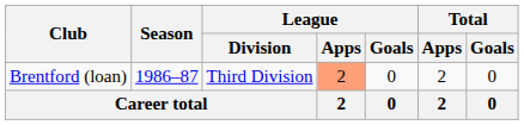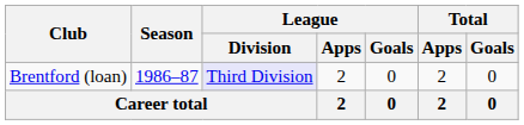 <table class="wikitable" style="text-align: center;">
 <tr>
 <th rowspan="2">Club</th>
 <th rowspan="2">Season</th>
 <th colspan="3">League</th>
 <th colspan="2">Total</th>
 </tr>
 <tr>
 <th>Division</th>
 <th>Apps</th>
 <th>Goals</th>
 <th>Apps</th>
 <th>Goals</th>
 </tr>
 <tr>
 <td><a href='#'>Brentford</a> (loan)</td>
 <td><a href='#'>1986–87</a></td>
-<td><a href='#'>Third Division</a></td>
-<td style="background: lightsalmon;">2</td>
+<td style="background: lavender;"><a href='#'>Third Division</a></td>
+<td>2</td>
 <td>0</td>
 <td>2</td>
 <td>0</td>
 </tr>
 <tr>
 <th colspan="3">Career total</th>
 <th>2</th>
 <th>0</th>
 <th>2</th>
 <th>0</th>
 </tr>
 </table>
